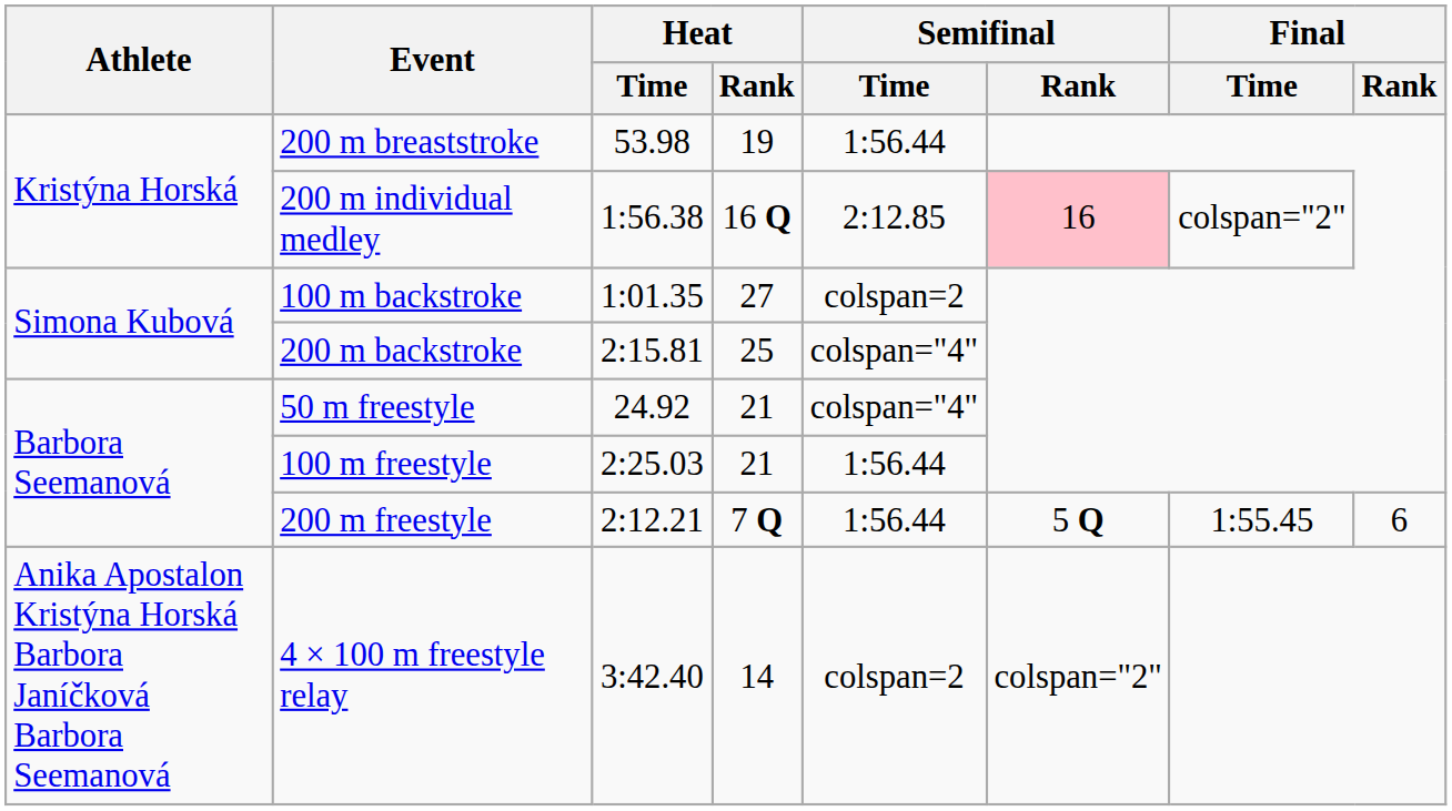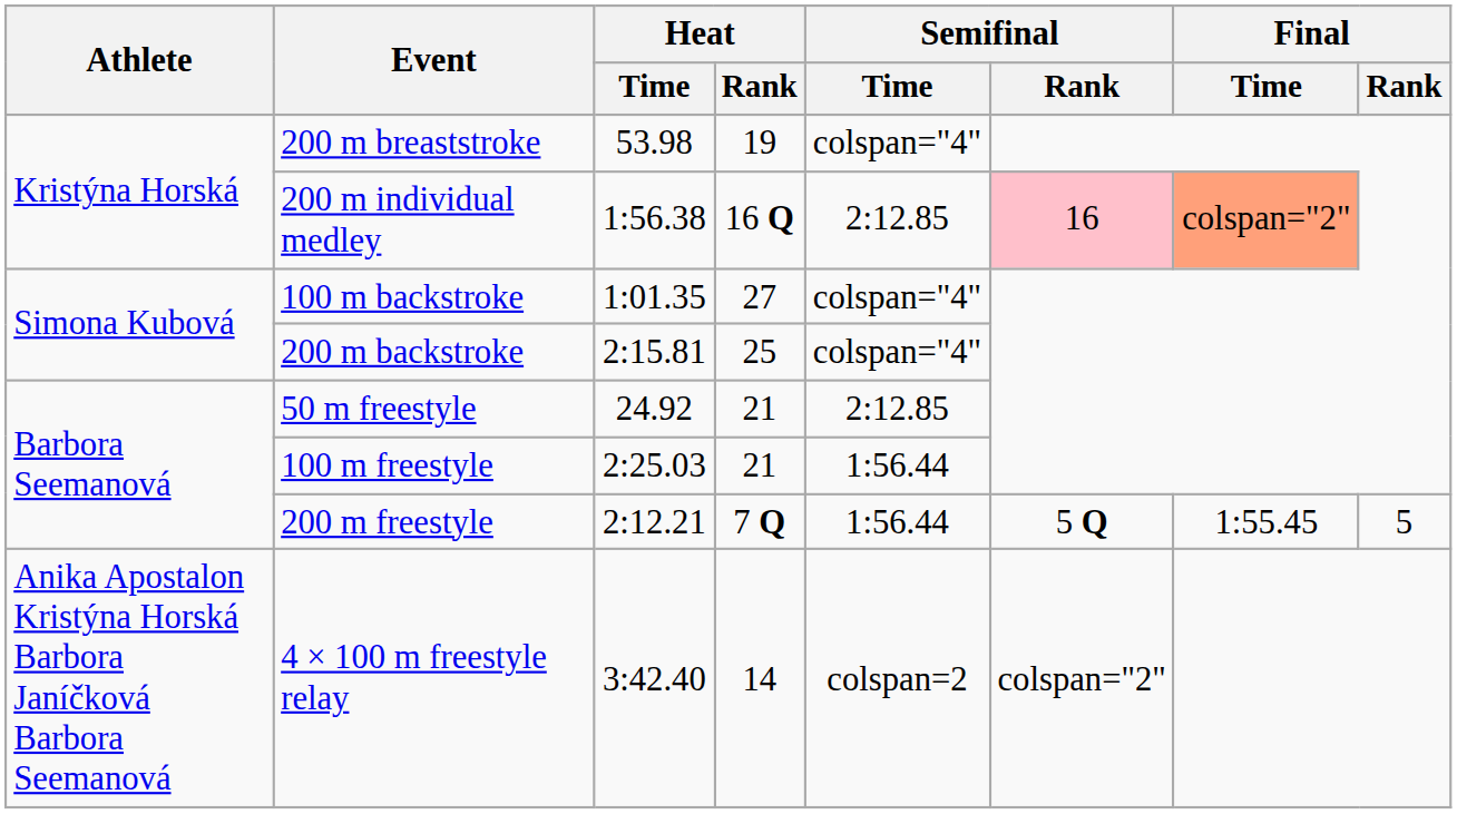 <table class=wikitable style="font-size:90%">
 <tr>
 <th rowspan="2">Athlete</th>
 <th rowspan="2">Event</th>
 <th colspan="2">Heat</th>
 <th colspan="2">Semifinal</th>
 <th colspan="2">Final</th>
 </tr>
 <tr style="font-size:95%">
 <th>Time</th>
 <th>Rank</th>
 <th>Time</th>
 <th>Rank</th>
 <th>Time</th>
 <th>Rank</th>
 </tr>
 <tr align=center>
 <td align=left rowspan=2><a href='#'>Kristýna Horská</a></td>
 <td align=left><a href='#'>200 m breaststroke</a></td>
 <td>53.98</td>
 <td>19</td>
-<td>1:56.44</td>
+<td>colspan="4" </td>
 </tr>
 <tr align=center>
 <td align=left><a href='#'>200 m individual medley</a></td>
 <td>1:56.38</td>
 <td>16 <strong>Q</strong></td>
 <td>2:12.85</td>
 <td style="background: pink;">16</td>
-<td>colspan="2" </td>
+<td style="background: lightsalmon;">colspan="2" </td>
 </tr>
 <tr align=center>
 <td align=left rowspan=2><a href='#'>Simona Kubová</a></td>
 <td align=left><a href='#'>100 m backstroke</a></td>
 <td>1:01.35</td>
 <td>27</td>
-<td>colspan=2 </td>
+<td>colspan="4" </td>
 </tr>
 <tr align=center>
 <td align=left><a href='#'>200 m backstroke</a></td>
 <td>2:15.81</td>
 <td>25</td>
 <td>colspan="4" </td>
 </tr>
 <tr align=center>
 <td align=left rowspan=3><a href='#'>Barbora Seemanová</a></td>
 <td align=left><a href='#'>50 m freestyle</a></td>
 <td>24.92</td>
 <td>21</td>
-<td>colspan="4" </td>
+<td>2:12.85</td>
 </tr>
 <tr align=center>
 <td align=left><a href='#'>100 m freestyle</a></td>
 <td>2:25.03</td>
 <td>21</td>
 <td>1:56.44</td>
 </tr>
 <tr align=center>
 <td align=left><a href='#'>200 m freestyle</a></td>
 <td>2:12.21</td>
 <td>7 <strong>Q</strong></td>
 <td>1:56.44</td>
 <td>5 <strong>Q</strong></td>
 <td>1:55.45</td>
-<td>6</td>
+<td>5</td>
 </tr>
 <tr align=center>
 <td align=left><a href='#'>Anika Apostalon</a><br><a href='#'>Kristýna Horská</a><br><a href='#'>Barbora Janíčková</a><br><a href='#'>Barbora Seemanová</a></td>
 <td align=left><a href='#'>4 × 100 m freestyle relay</a></td>
 <td>3:42.40</td>
 <td>14</td>
 <td>colspan=2 </td>
 <td>colspan="2" </td>
 </tr>
 </table>
